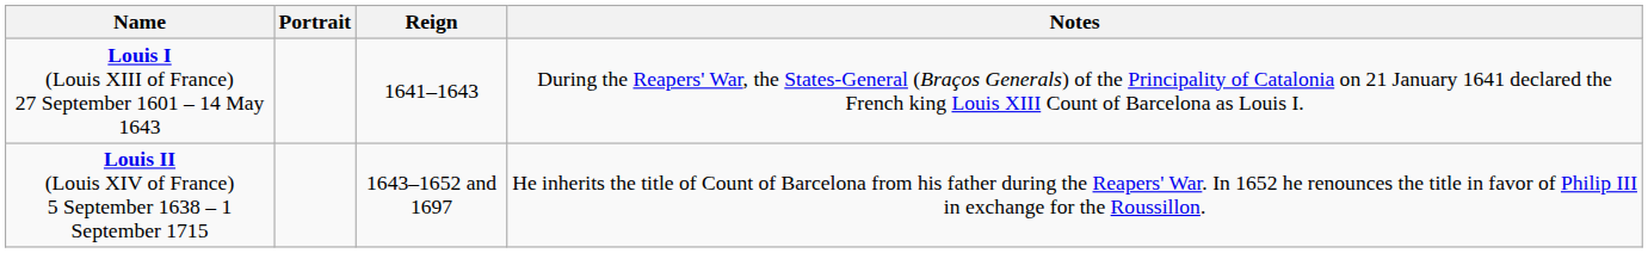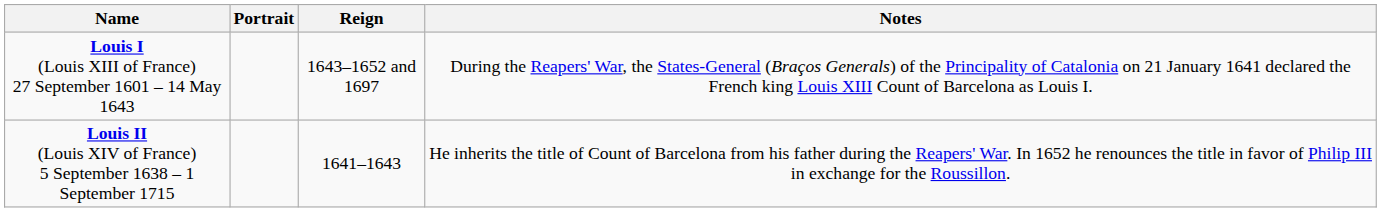 <table style="text-align:center" class="wikitable">
 <tr>
 <th>Name</th>
 <th>Portrait</th>
 <th>Reign</th>
 <th>Notes</th>
 </tr>
 <tr>
 <td><strong><a href='#'>Louis I</a></strong><br>(Louis XIII of France)<br>27 September 1601 – 14 May 1643</td>
 <td></td>
-<td>1641–1643</td>
+<td>1643–1652 and 1697</td>
 <td>During the <a href='#'>Reapers' War</a>, the <a href='#'>States-General</a> (<em>Braços Generals</em>) of the <a href='#'>Principality of Catalonia</a> on 21 January 1641 declared the French king <a href='#'>Louis XIII</a> Count of Barcelona as Louis I.</td>
 </tr>
 <tr>
 <td><strong><a href='#'>Louis II</a></strong><br>(Louis XIV of France)<br>5 September 1638 – 1 September 1715</td>
 <td></td>
-<td>1643–1652 and 1697</td>
+<td>1641–1643</td>
 <td>He inherits the title of Count of Barcelona from his father during the <a href='#'>Reapers' War</a>. In 1652 he renounces the title in favor of <a href='#'>Philip III</a> in exchange for the <a href='#'>Roussillon</a>.</td>
 </tr>
 </table>
